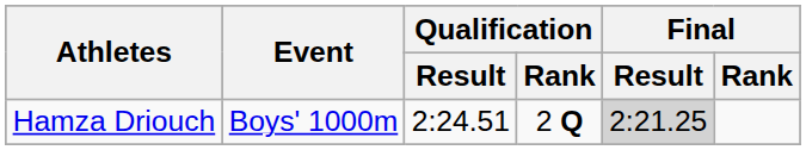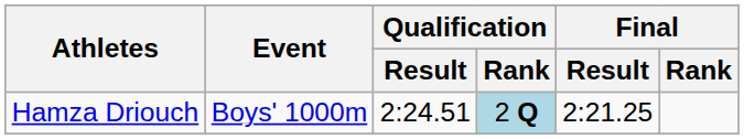 <table class="wikitable" border="1" style="font-size:90%">
 <tr>
 <th rowspan=2>Athletes</th>
 <th rowspan=2>Event</th>
 <th colspan=2>Qualification</th>
 <th colspan=2>Final</th>
 </tr>
 <tr>
 <th>Result</th>
 <th>Rank</th>
 <th>Result</th>
 <th>Rank</th>
 </tr>
 <tr>
 <td><a href='#'>Hamza Driouch</a></td>
 <td><a href='#'>Boys' 1000m</a></td>
 <td align=center>2:24.51</td>
-<td align=center>2 <strong>Q</strong></td>
-<td align=center style="background: lightgrey;">2:21.25</td>
+<td align=center style="background: lightblue;">2 <strong>Q</strong></td>
+<td align=center>2:21.25</td>
 <td align=center></td>
 </tr>
 </table>
